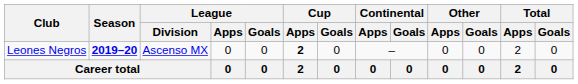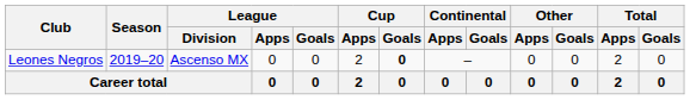 <table class="wikitable" style="text-align: center">
 <tr>
 <th rowspan="2">Club</th>
 <th rowspan="2">Season</th>
 <th colspan="3">League</th>
 <th colspan="2">Cup</th>
 <th colspan="2">Continental</th>
 <th colspan="2">Other</th>
 <th colspan="2">Total</th>
 </tr>
 <tr>
 <th>Division</th>
 <th>Apps</th>
 <th>Goals</th>
 <th>Apps</th>
 <th>Goals</th>
 <th>Apps</th>
 <th>Goals</th>
 <th>Apps</th>
 <th>Goals</th>
 <th>Apps</th>
 <th>Goals</th>
 </tr>
 <tr>
 <td><a href='#'>Leones Negros</a></td>
-<td><strong><a href='#'>2019–20</a></strong></td>
+<td><a href='#'>2019–20</a></td>
 <td><a href='#'>Ascenso MX</a></td>
 <td>0</td>
 <td>0</td>
-<td><strong>2</strong></td>
-<td>0</td>
+<td>2</td>
+<td><strong>0</strong></td>
 <td colspan="2">–</td>
 <td>0</td>
 <td>0</td>
 <td>2</td>
 <td>0</td>
 </tr>
 <tr>
 <th colspan="3"><strong>Career total</strong></th>
 <th>0</th>
 <th>0</th>
 <th>2</th>
 <th>0</th>
 <th>0</th>
 <th>0</th>
 <th>0</th>
 <th>0</th>
 <th>2</th>
 <th>0</th>
 </tr>
 </table>
